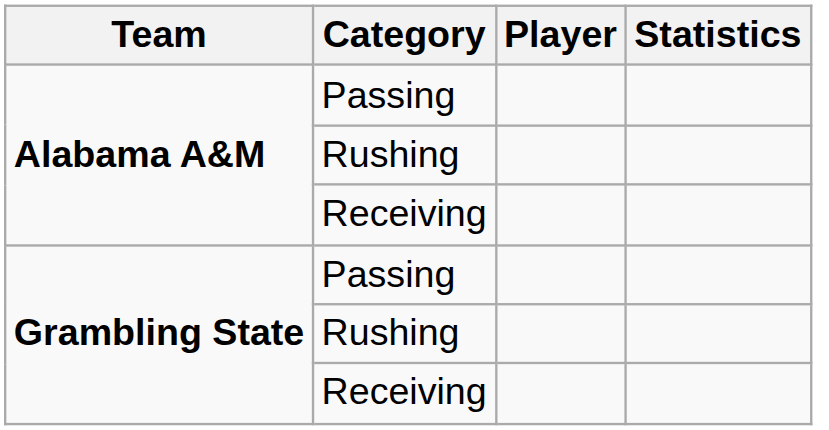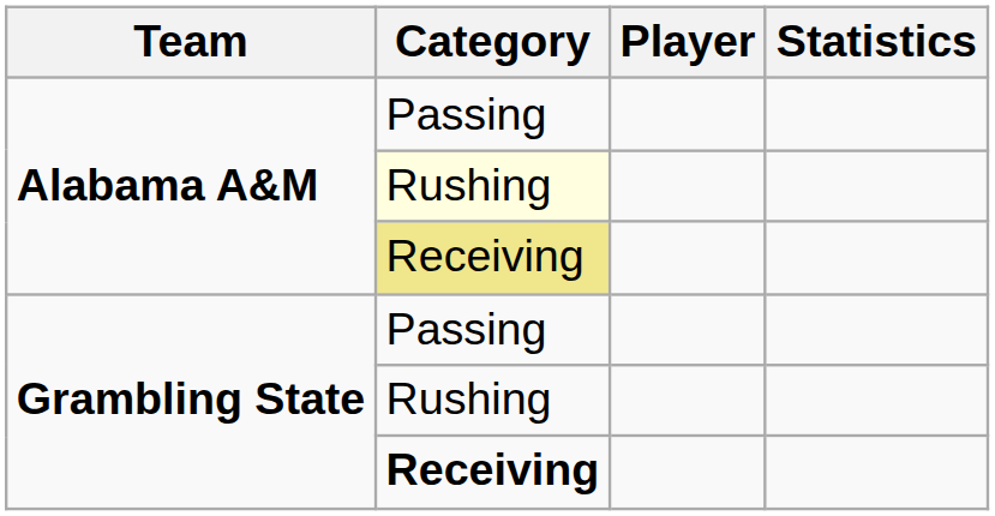 <table class="wikitable" style="float: left;">
 <tr>
 <th>Team</th>
 <th>Category</th>
 <th>Player</th>
 <th>Statistics</th>
 </tr>
 <tr>
 <td rowspan=3><strong>Alabama A&M</strong></td>
 <td>Passing</td>
 <td> </td>
 <td> </td>
 </tr>
 <tr>
-<td>Rushing</td>
+<td style="background: lightyellow;">Rushing</td>
 <td> </td>
 <td> </td>
 </tr>
 <tr>
-<td>Receiving</td>
+<td style="background: khaki;">Receiving</td>
 <td> </td>
 <td> </td>
 </tr>
 <tr>
 <td rowspan=3><strong>Grambling State</strong></td>
 <td>Passing</td>
 <td> </td>
 <td> </td>
 </tr>
 <tr>
 <td>Rushing</td>
 <td> </td>
 <td> </td>
 </tr>
 <tr>
-<td>Receiving</td>
+<td><strong>Receiving</strong></td>
 <td> </td>
 <td> </td>
 </tr>
 </table>
